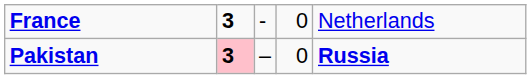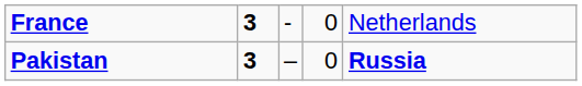 <table class="wikitable">
 <tr>
 <td width=150> <strong><a href='#'>France</a></strong></td>
 <td style="width:20px; text-align:left;"><strong>3</strong></td>
 <td>-</td>
 <td style="width:20px; text-align:right;">0</td>
 <td width=150> <a href='#'>Netherlands</a></td>
 </tr>
 <tr>
 <td> <strong><a href='#'>Pakistan</a></strong></td>
-<td style="background: pink; text-align:left;"><strong>3</strong></td>
+<td style="text-align:left;"><strong>3</strong></td>
 <td>–</td>
 <td style="text-align:right;">0</td>
 <td><strong> <a href='#'>Russia</a></strong></td>
 </tr>
 </table>
